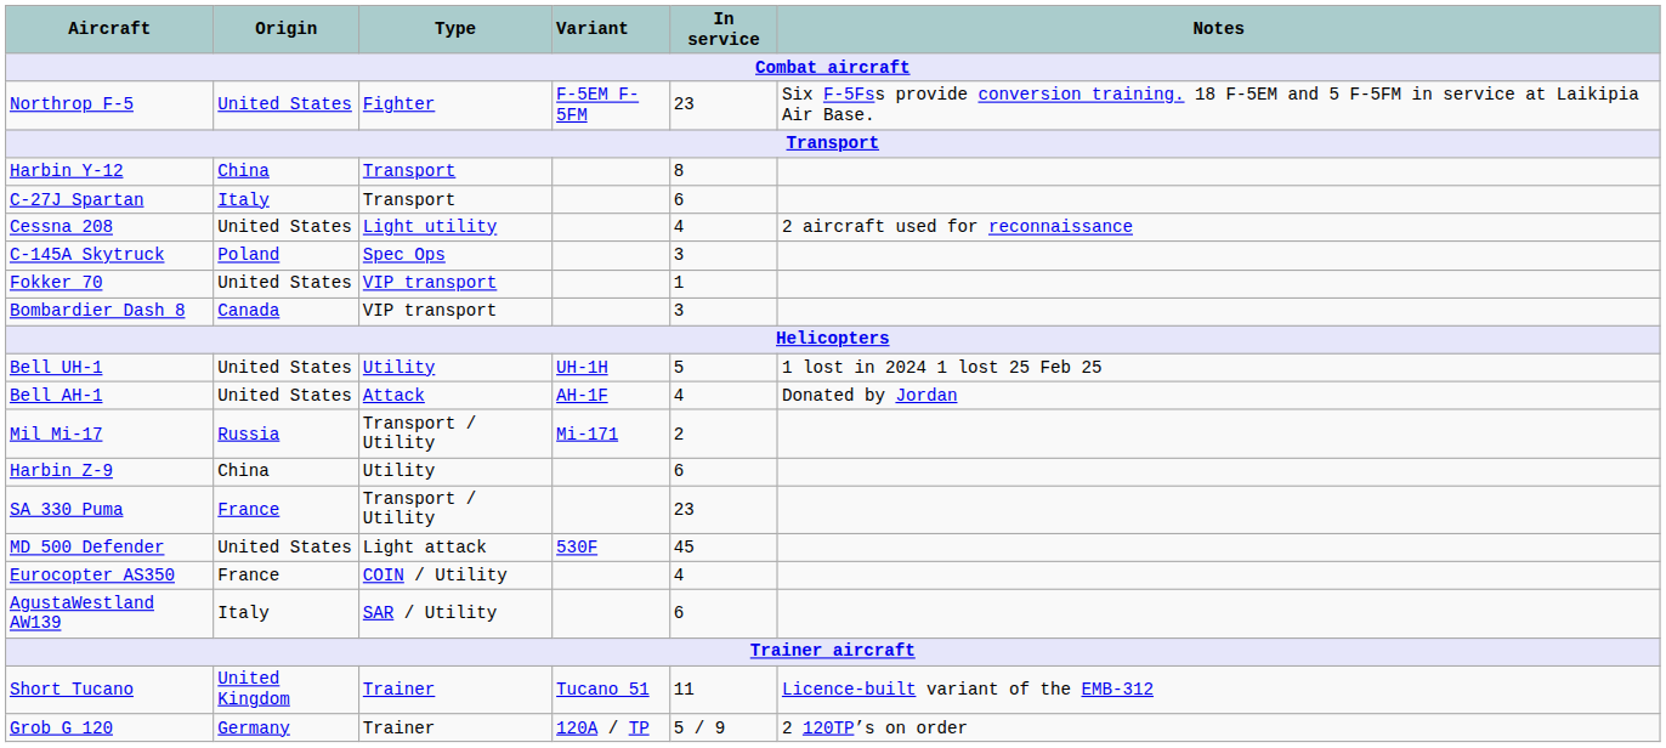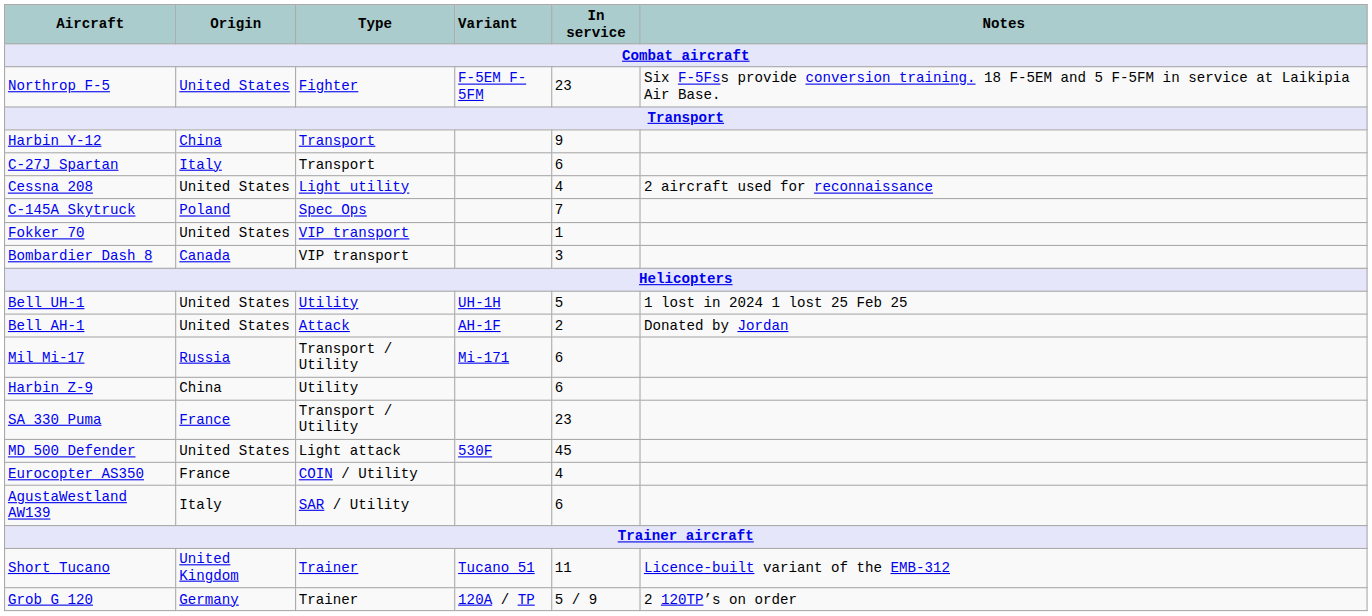 <table class="wikitable">
 <tr>
 <th style="text-align:center; background:#acc;">Aircraft</th>
 <th style="text-align: center; background:#acc;">Origin</th>
 <th style="text-align:l center; background:#acc;">Type</th>
 <th style="text-align:left; background:#acc;">Variant</th>
 <th style="text-align:center; background:#acc;">In service</th>
 <th style="text-align: center; background:#acc;">Notes</th>
 </tr>
 <tr>
 <th style="align: center; background: lavender;" colspan="7"><a href='#'>Combat aircraft</a></th>
 </tr>
 <tr>
 <td><a href='#'>Northrop F-5</a></td>
 <td><a href='#'>United States</a></td>
 <td><a href='#'>Fighter</a></td>
 <td><a href='#'>F-5EM F-5FM</a></td>
 <td>23</td>
 <td>Six <a href='#'>F-5Fs</a>s provide <a href='#'>conversion training.</a>  18 F-5EM and 5 F-5FM in service at Laikipia Air Base.</td>
 </tr>
 <tr>
 <th style="align: center; background: lavender;" colspan="7"><a href='#'>Transport</a></th>
 </tr>
 <tr>
 <td><a href='#'>Harbin Y-12</a></td>
 <td><a href='#'>China</a></td>
 <td><a href='#'>Transport</a></td>
 <td></td>
-<td>8</td>
+<td>9</td>
 <td></td>
 </tr>
 <tr>
 <td><a href='#'>C-27J Spartan</a></td>
 <td><a href='#'>Italy</a></td>
 <td>Transport</td>
 <td></td>
 <td>6</td>
 <td></td>
 </tr>
 <tr>
 <td><a href='#'>Cessna 208</a></td>
 <td>United States</td>
 <td><a href='#'>Light utility</a></td>
 <td></td>
 <td>4</td>
 <td>2 aircraft used for <a href='#'>reconnaissance</a></td>
 </tr>
 <tr>
 <td><a href='#'>C-145A Skytruck</a></td>
 <td><a href='#'>Poland</a></td>
 <td><a href='#'>Spec Ops</a></td>
 <td></td>
-<td>3</td>
+<td>7</td>
 <td></td>
 </tr>
 <tr>
 <td><a href='#'>Fokker 70</a></td>
 <td>United States</td>
 <td><a href='#'>VIP transport</a></td>
 <td></td>
 <td>1</td>
 <td></td>
 </tr>
 <tr>
 <td><a href='#'>Bombardier Dash 8</a></td>
 <td><a href='#'>Canada</a></td>
 <td>VIP transport</td>
 <td></td>
 <td>3</td>
 <td></td>
 </tr>
 <tr>
 <th style="align: center; background: lavender;" colspan="7"><a href='#'>Helicopters</a></th>
 </tr>
 <tr>
 <td><a href='#'>Bell UH-1</a></td>
 <td>United States</td>
 <td><a href='#'>Utility</a></td>
 <td><a href='#'>UH-1H</a></td>
 <td>5</td>
 <td>1 lost in 2024 1 lost 25 Feb 25 </td>
 </tr>
 <tr>
 <td><a href='#'>Bell AH-1</a></td>
 <td>United States</td>
 <td><a href='#'>Attack</a></td>
 <td><a href='#'>AH-1F</a></td>
-<td>4</td>
+<td>2</td>
 <td>Donated by <a href='#'>Jordan</a></td>
 </tr>
 <tr>
 <td><a href='#'>Mil Mi-17</a></td>
 <td><a href='#'>Russia</a></td>
 <td>Transport / Utility</td>
 <td><a href='#'>Mi-171</a></td>
-<td>2</td>
+<td>6</td>
 <td></td>
 </tr>
 <tr>
 <td><a href='#'>Harbin Z-9</a></td>
 <td>China</td>
 <td>Utility</td>
 <td></td>
 <td>6</td>
 <td></td>
 </tr>
 <tr>
 <td><a href='#'>SA 330 Puma</a></td>
 <td><a href='#'>France</a></td>
 <td>Transport / Utility</td>
 <td></td>
 <td>23</td>
 <td></td>
 </tr>
 <tr>
 <td><a href='#'>MD 500 Defender</a></td>
 <td>United States</td>
 <td>Light attack</td>
 <td><a href='#'>530F</a></td>
 <td>45</td>
 <td></td>
 </tr>
 <tr>
 <td><a href='#'>Eurocopter AS350</a></td>
 <td>France</td>
 <td><a href='#'>COIN</a> / Utility</td>
 <td></td>
 <td>4</td>
 <td></td>
 </tr>
 <tr>
 <td><a href='#'>AgustaWestland AW139</a></td>
 <td>Italy</td>
 <td><a href='#'>SAR</a> / Utility</td>
 <td></td>
 <td>6</td>
 <td></td>
 </tr>
 <tr>
 <th style="align: center; background: lavender;" colspan="7"><a href='#'>Trainer aircraft</a></th>
 </tr>
 <tr>
 <td><a href='#'>Short Tucano</a></td>
 <td><a href='#'>United Kingdom</a></td>
 <td><a href='#'>Trainer</a></td>
 <td><a href='#'>Tucano 51</a></td>
 <td>11</td>
 <td><a href='#'>Licence-built</a> variant of the <a href='#'>EMB-312</a></td>
 </tr>
 <tr>
 <td><a href='#'>Grob G 120</a></td>
 <td><a href='#'>Germany</a></td>
 <td>Trainer</td>
 <td><a href='#'>120A</a> / <a href='#'>TP</a></td>
 <td>5 / 9</td>
 <td>2 <a href='#'>120TP</a>’s on order</td>
 </tr>
 </table>
